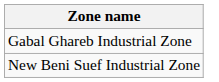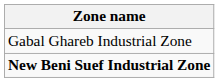 <table class="wikitable">
 <tr>
 <th>Zone name</th>
 </tr>
 <tr>
 <td rowspan="1">Gabal Ghareb Industrial Zone</td>
 </tr>
 <tr>
-<td rowspan="1">New Beni Suef Industrial Zone</td>
+<td rowspan="1"><strong>New Beni Suef Industrial Zone</strong></td>
 </tr>
 </table>
